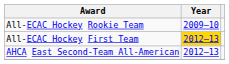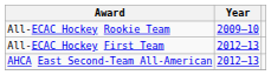 <table class="wikitable">
 <tr>
 <th>Award</th>
 <th>Year</th>
 <th></th>
 </tr>
 <tr>
 <td>All-<a href='#'>ECAC Hockey</a> <a href='#'>Rookie Team</a></td>
 <td><a href='#'>2009–10</a></td>
 <td></td>
 </tr>
 <tr>
 <td>All-<a href='#'>ECAC Hockey</a> <a href='#'>First Team</a></td>
-<td style="background: gold;"><a href='#'>2012–13</a></td>
+<td><a href='#'>2012–13</a></td>
 <td></td>
 </tr>
 <tr>
 <td><a href='#'>AHCA</a> <a href='#'>East Second-Team All-American</a></td>
 <td><a href='#'>2012–13</a></td>
 <td></td>
 </tr>
 <tr>
 </tr>
 </table>
